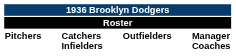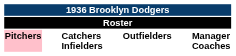 <table class="toccolours" style="font-size: 95%;">
 <tr>
 <th colspan="10" style="background:#083c6b; color:white; text-align:center;">1936 Brooklyn Dodgers</th>
 </tr>
 <tr>
 <td colspan="10" style="background:black; color:white; text-align:center;"><strong>Roster</strong></td>
 </tr>
 <tr>
-<td valign="top"><strong>Pitchers</strong><br>           </td>
+<td valign="top" style="background: pink;"><strong>Pitchers</strong><br>           </td>
 <td style="width:25px;"></td>
 <td valign="top"><strong>Catchers</strong><br>   <strong>Infielders</strong>        </td>
 <td style="width:25px;"></td>
 <td valign="top"><strong>Outfielders</strong><br>         </td>
 <td style="width:25px;"></td>
 <td valign="top"><strong>Manager</strong><br> <strong>Coaches</strong> </td>
 </tr>
 </table>
